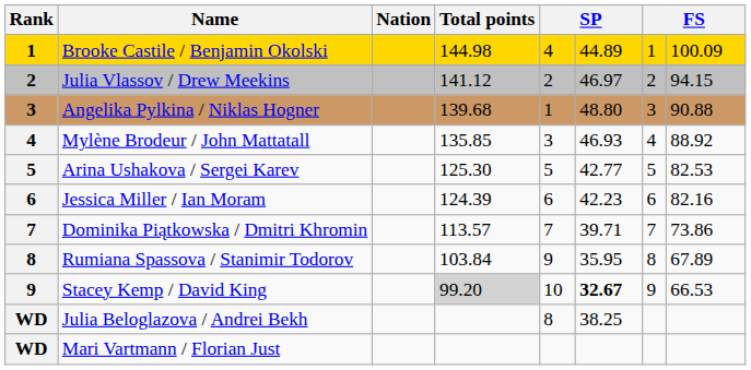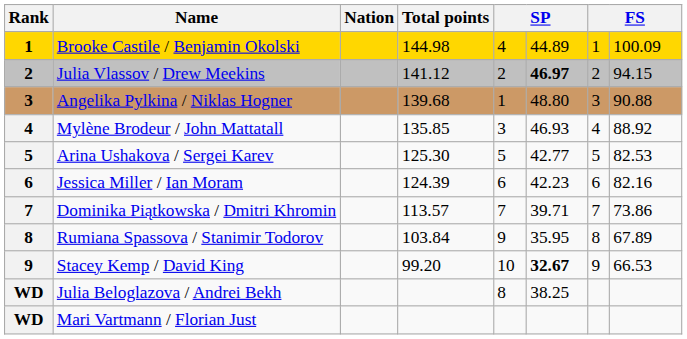 <table class="wikitable">
 <tr>
 <th>Rank</th>
 <th>Name</th>
 <th>Nation</th>
 <th>Total points</th>
 <th colspan="2" width="80px"><a href='#'>SP</a></th>
 <th colspan="2" width="80px"><a href='#'>FS</a></th>
 </tr>
 <tr bgcolor="gold">
 <td align="center"><strong>1</strong></td>
 <td><a href='#'>Brooke Castile</a> / <a href='#'>Benjamin Okolski</a></td>
 <td></td>
 <td>144.98</td>
 <td>4</td>
 <td>44.89</td>
 <td>1</td>
 <td>100.09</td>
 </tr>
 <tr bgcolor="silver">
 <td align="center"><strong>2</strong></td>
 <td><a href='#'>Julia Vlassov</a> / <a href='#'>Drew Meekins</a></td>
 <td></td>
 <td>141.12</td>
 <td>2</td>
-<td>46.97</td>
+<td><strong>46.97</strong></td>
 <td>2</td>
 <td>94.15</td>
 </tr>
 <tr bgcolor="cc9966">
 <td align="center"><strong>3</strong></td>
 <td><a href='#'>Angelika Pylkina</a> / <a href='#'>Niklas Hogner</a></td>
 <td></td>
 <td>139.68</td>
 <td>1</td>
 <td>48.80</td>
 <td>3</td>
 <td>90.88</td>
 </tr>
 <tr>
 <th>4</th>
 <td><a href='#'>Mylène Brodeur</a> / <a href='#'>John Mattatall</a></td>
 <td></td>
 <td>135.85</td>
 <td>3</td>
 <td>46.93</td>
 <td>4</td>
 <td>88.92</td>
 </tr>
 <tr>
 <th>5</th>
 <td><a href='#'>Arina Ushakova</a> / <a href='#'>Sergei Karev</a></td>
 <td></td>
 <td>125.30</td>
 <td>5</td>
 <td>42.77</td>
 <td>5</td>
 <td>82.53</td>
 </tr>
 <tr>
 <th>6</th>
 <td><a href='#'>Jessica Miller</a> / <a href='#'>Ian Moram</a></td>
 <td></td>
 <td>124.39</td>
 <td>6</td>
 <td>42.23</td>
 <td>6</td>
 <td>82.16</td>
 </tr>
 <tr>
 <th>7</th>
 <td><a href='#'>Dominika Piątkowska</a> / <a href='#'>Dmitri Khromin</a></td>
 <td></td>
 <td>113.57</td>
 <td>7</td>
 <td>39.71</td>
 <td>7</td>
 <td>73.86</td>
 </tr>
 <tr>
 <th>8</th>
 <td><a href='#'>Rumiana Spassova</a> / <a href='#'>Stanimir Todorov</a></td>
 <td></td>
 <td>103.84</td>
 <td>9</td>
 <td>35.95</td>
 <td>8</td>
 <td>67.89</td>
 </tr>
 <tr>
 <th>9</th>
 <td><a href='#'>Stacey Kemp</a> / <a href='#'>David King</a></td>
 <td></td>
-<td style="background: lightgrey;">99.20</td>
+<td>99.20</td>
 <td>10</td>
 <td><strong>32.67</strong></td>
 <td>9</td>
 <td>66.53</td>
 </tr>
 <tr>
 <th>WD</th>
 <td><a href='#'>Julia Beloglazova</a> / <a href='#'>Andrei Bekh</a></td>
 <td></td>
 <td></td>
 <td>8</td>
 <td>38.25</td>
 <td></td>
 <td></td>
 </tr>
 <tr>
 <th>WD</th>
 <td><a href='#'>Mari Vartmann</a> / <a href='#'>Florian Just</a></td>
 <td></td>
 <td></td>
 <td></td>
 <td></td>
 <td></td>
 <td></td>
 </tr>
 </table>
